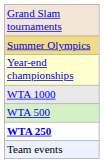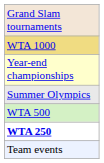 <table class="wikitable nowrap" style=font-size:90%;width:14%>
 <tr style="background:#F3E6D7;">
 <td><a href='#'>Grand Slam tournaments</a></td>
 </tr>
 <tr style="background:#f0dc82;">
-<td><a href='#'>Summer Olympics</a></td>
+<td><a href='#'>WTA 1000</a></td>
 </tr>
 <tr style="background:#ffc;">
 <td><a href='#'>Year-end championships</a></td>
 </tr>
 <tr style="background:#e9e9e9;">
-<td><a href='#'>WTA 1000</a></td>
+<td><a href='#'>Summer Olympics</a></td>
 </tr>
 <tr style="background:#D4F1C5;">
 <td><a href='#'>WTA 500</a></td>
 </tr>
 <tr style="background:#fff;">
 <td><strong><a href='#'>WTA 250</a></strong></td>
 </tr>
 <tr style="background:#ECF2FF;">
 <td>Team events</td>
 </tr>
 </table>
